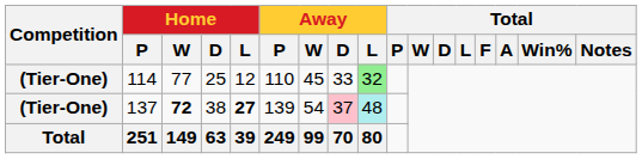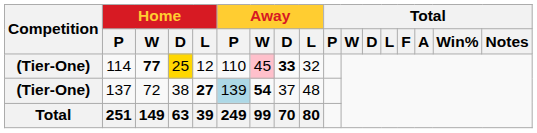 <table class="wikitable plainrowheaders sortable" style="text-align:center; font-size=95%;">
 <tr class="unsortable">
 <th scope="col" rowspan="2">Competition</th>
 <th style="background:#d71a23; color:#ffcd31; text-align:center;" colspan="4">Home</th>
 <th style="background:#ffcd31; color:#d71a23; text-align:center;" colspan="4">Away</th>
 <th colspan="8">Total</th>
 </tr>
 <tr>
 <th scope="col">P</th>
 <th scope="col">W</th>
 <th scope="col">D</th>
 <th scope="col">L</th>
 <th scope="col">P</th>
 <th scope="col">W</th>
 <th scope="col">D</th>
 <th scope="col">L</th>
 <th scope="col">P</th>
 <th scope="col">W</th>
 <th scope="col">D</th>
 <th scope="col">L</th>
 <th scope="col">F</th>
 <th scope="col">A</th>
 <th scope="col" rowspan=>Win%</th>
 <th scope="col" rowspan=class="unsortable">Notes</th>
 </tr>
 <tr>
 <th scope="row" align=left> (Tier-One)</th>
 <td>114</td>
-<td>77</td>
-<td>25</td>
+<td><strong>77</strong></td>
+<td style="background: gold;">25</td>
 <td>12</td>
 <td>110</td>
-<td>45</td>
-<td>33</td>
-<td style="background: lightgreen;">32<br></td>
+<td style="background: pink;">45</td>
+<td><strong>33</strong></td>
+<td>32<br></td>
 <td></td>
 </tr>
 <tr>
 <th scope="row" align=left> (Tier-One)</th>
 <td>137</td>
-<td><strong>72</strong></td>
+<td>72</td>
 <td>38</td>
 <td><strong>27</strong></td>
-<td>139</td>
-<td>54</td>
-<td style="background: pink;">37</td>
-<td style="background: paleturquoise;">48<br></td>
+<td style="background: lightblue;">139</td>
+<td><strong>54</strong></td>
+<td>37</td>
+<td>48<br></td>
 <td></td>
 </tr>
 <tr>
 <th scope="row"><strong>Total</strong></th>
 <th>251</th>
 <th>149</th>
 <th>63</th>
 <th>39</th>
 <th>249</th>
 <th>99</th>
 <th>70</th>
 <th>80<br></th>
 <td></td>
 </tr>
 </table>
